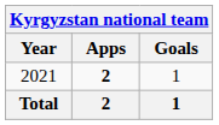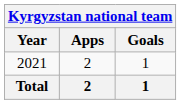 <table class="wikitable" style="text-align:center">
 <tr>
 <th colspan=3><a href='#'>Kyrgyzstan national team</a></th>
 </tr>
 <tr>
 <th>Year</th>
 <th>Apps</th>
 <th>Goals</th>
 </tr>
 <tr>
 <td>2021</td>
-<td><strong>2</strong></td>
+<td>2</td>
 <td>1</td>
 </tr>
 <tr>
 <th>Total</th>
 <th>2</th>
 <th>1</th>
 </tr>
 </table>
